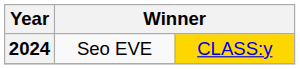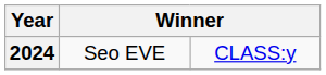 <table class="wikitable plainrowheaders" style="text-align:center">
 <tr>
 <th scope="col">Year</th>
 <th scope="col" width="200" colspan='2'>Winner</th>
 </tr>
 <tr>
 <th scope="row">2024</th>
 <td>Seo EVE</td>
-<td style="background: gold;"><a href='#'>CLASS:y</a></td>
+<td><a href='#'>CLASS:y</a></td>
 </tr>
 <tr>
 </tr>
 </table>
